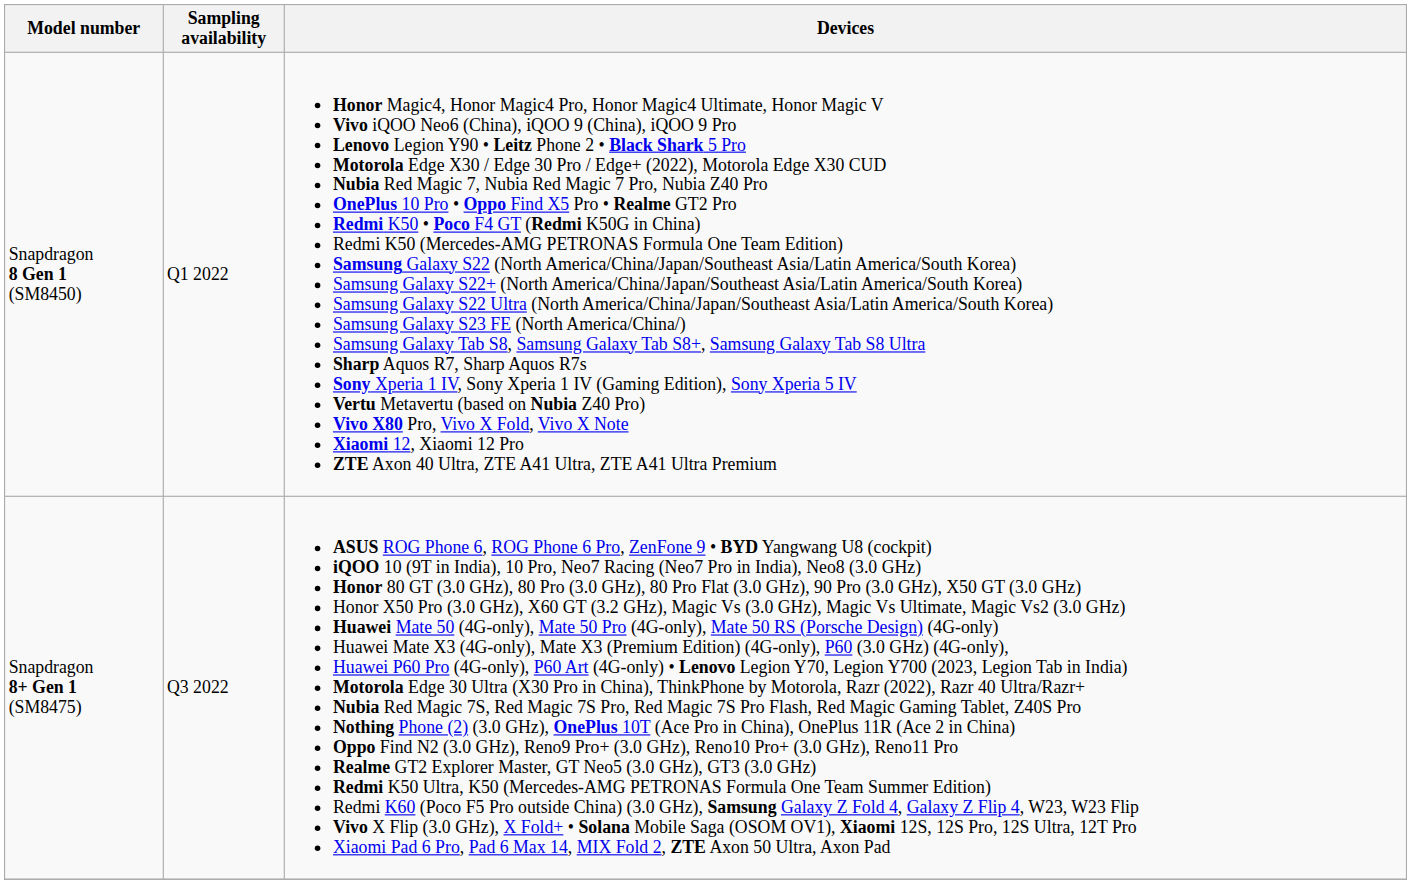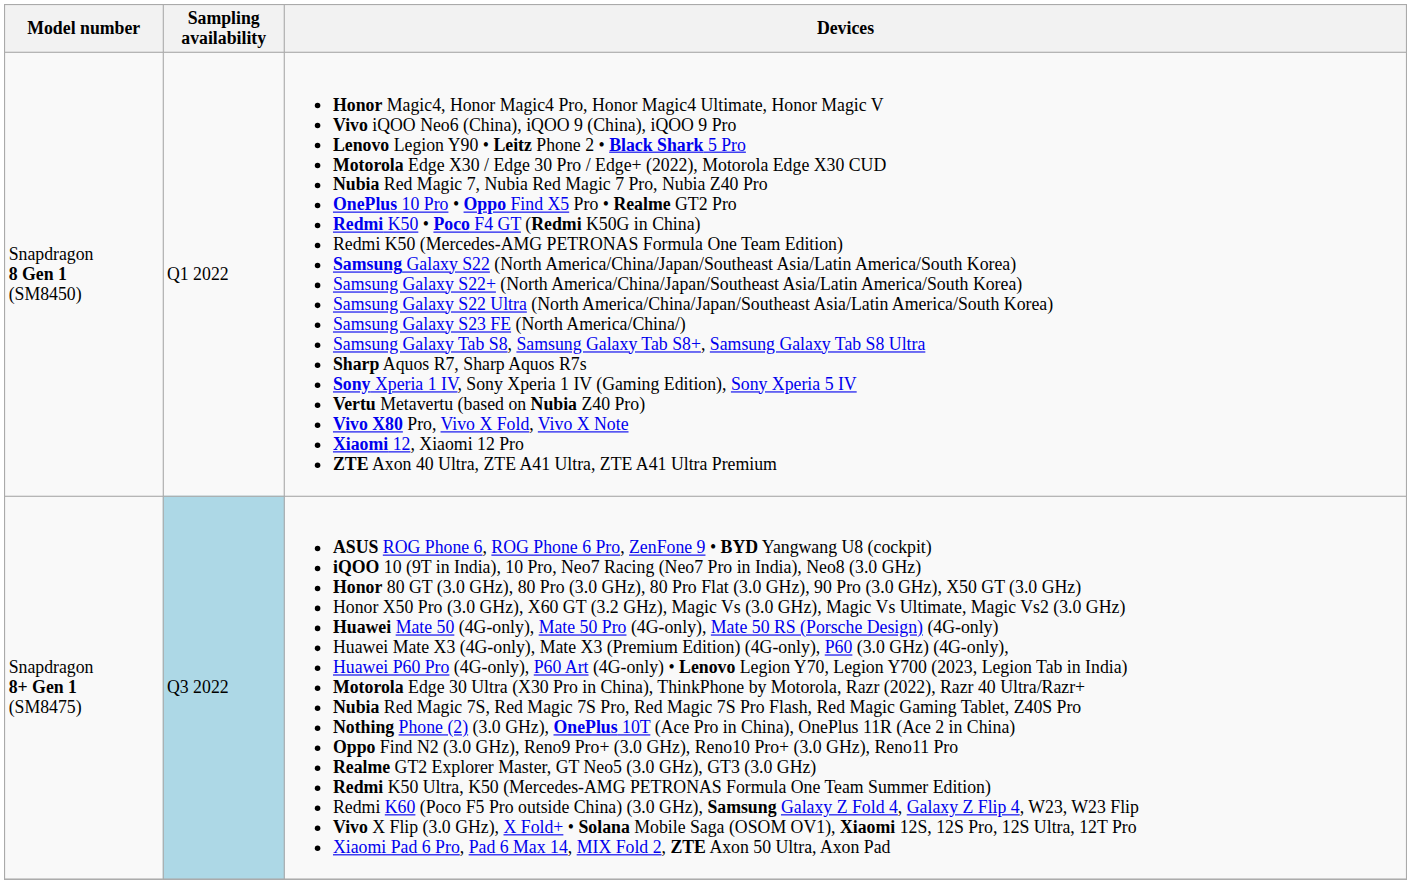 <table class="wikitable" style="width:100%">
 <tr>
 <th>Model number</th>
 <th>Sampling<br>availability</th>
 <th>Devices</th>
 </tr>
 <tr>
 <td>Snapdragon<br><b>8 Gen 1</b><br>(SM8450)</td>
 <td>Q1 2022</td>
 <td><br><ul><li><strong>Honor</strong> Magic4, Honor Magic4 Pro, Honor Magic4 Ultimate, Honor Magic V</li><li><strong>Vivo</strong> iQOO Neo6 (China), iQOO 9 (China), iQOO 9 Pro</li><li><strong>Lenovo</strong> Legion Y90 • <strong>Leitz</strong> Phone 2 • <a href='#'><strong>Black Shark</strong> 5 Pro</a></li><li><strong>Motorola</strong> Edge X30 / Edge 30 Pro / Edge+ (2022), Motorola Edge X30 CUD</li><li><strong>Nubia</strong> Red Magic 7, Nubia Red Magic 7 Pro, Nubia Z40 Pro</li><li><a href='#'><strong>OnePlus</strong> 10 Pro</a> • <a href='#'><strong>Oppo</strong> Find X5</a> Pro • <strong>Realme</strong> GT2 Pro</li><li><a href='#'><strong>Redmi</strong> K50</a> • <a href='#'><strong>Poco</strong> F4 GT</a> (<strong>Redmi</strong> K50G in China)</li><li>Redmi K50 (Mercedes-AMG PETRONAS Formula One Team Edition)</li><li><a href='#'><strong>Samsung</strong> Galaxy S22</a> (North America/China/Japan/Southeast Asia/Latin America/South Korea)</li><li><a href='#'>Samsung Galaxy S22+</a> (North America/China/Japan/Southeast Asia/Latin America/South Korea)</li><li><a href='#'>Samsung Galaxy S22 Ultra</a> (North America/China/Japan/Southeast Asia/Latin America/South Korea)</li><li><a href='#'>Samsung Galaxy S23 FE</a> (North America/China/)</li><li><a href='#'>Samsung Galaxy Tab S8</a>, <a href='#'>Samsung Galaxy Tab S8+</a>, <a href='#'>Samsung Galaxy Tab S8 Ultra</a></li><li><strong>Sharp</strong> Aquos R7, Sharp Aquos R7s</li><li><a href='#'><strong>Sony</strong> Xperia 1 IV</a>, Sony Xperia 1 IV (Gaming Edition), <a href='#'>Sony Xperia 5 IV</a></li><li><strong>Vertu</strong> Metavertu (based on <strong>Nubia</strong> Z40 Pro)</li><li><strong><a href='#'>Vivo X80</a></strong> Pro, <a href='#'>Vivo X Fold</a>, <a href='#'>Vivo X Note</a></li><li><a href='#'><strong>Xiaomi</strong> 12</a>, Xiaomi 12 Pro</li><li><strong>ZTE</strong> Axon 40 Ultra, ZTE A41 Ultra, ZTE A41 Ultra Premium</li></ul></td>
 </tr>
 <tr>
 <td>Snapdragon<br><b>8+ Gen 1</b><br>(SM8475)</td>
-<td>Q3 2022</td>
+<td style="background: lightblue;">Q3 2022</td>
 <td><br><ul><li><strong>ASUS</strong> <a href='#'>ROG Phone 6</a>, <a href='#'>ROG Phone 6 Pro</a>, <a href='#'>ZenFone 9</a> • <strong>BYD</strong> Yangwang U8 (cockpit)</li><li><strong>iQOO</strong> 10 (9T in India), 10 Pro, Neo7 Racing (Neo7 Pro in India), Neo8 (3.0 GHz)</li><li><strong>Honor</strong> 80 GT (3.0 GHz), 80 Pro (3.0 GHz), 80 Pro Flat (3.0 GHz), 90 Pro (3.0 GHz), X50 GT (3.0 GHz)</li><li>Honor X50 Pro (3.0 GHz), X60 GT (3.2 GHz), Magic Vs (3.0 GHz), Magic Vs Ultimate, Magic Vs2 (3.0 GHz)</li><li><strong>Huawei</strong> <a href='#'>Mate 50</a> (4G-only), <a href='#'>Mate 50 Pro</a> (4G-only), <a href='#'>Mate 50 RS (Porsche Design)</a> (4G-only)</li><li>Huawei Mate X3 (4G-only), Mate X3 (Premium Edition) (4G-only), <a href='#'>P60</a> (3.0 GHz) (4G-only),</li><li><a href='#'>Huawei P60 Pro</a> (4G-only), <a href='#'>P60 Art</a> (4G-only) • <strong>Lenovo</strong> Legion Y70, Legion Y700 (2023, Legion Tab in India)</li><li><strong>Motorola</strong> Edge 30 Ultra (X30 Pro in China), ThinkPhone by Motorola, Razr (2022), Razr 40 Ultra/Razr+</li><li><strong>Nubia</strong> Red Magic 7S, Red Magic 7S Pro, Red Magic 7S Pro Flash, Red Magic Gaming Tablet, Z40S Pro</li><li><strong>Nothing</strong> <a href='#'>Phone (2)</a> (3.0 GHz), <a href='#'><strong>OnePlus</strong> 10T</a> (Ace Pro in China), OnePlus 11R (Ace 2 in China)</li><li><strong>Oppo</strong> Find N2 (3.0 GHz), Reno9 Pro+ (3.0 GHz), Reno10 Pro+ (3.0 GHz), Reno11 Pro</li><li><strong>Realme</strong> GT2 Explorer Master, GT Neo5 (3.0 GHz), GT3 (3.0 GHz)</li><li><strong>Redmi</strong> K50 Ultra, K50 (Mercedes-AMG PETRONAS Formula One Team Summer Edition)</li><li>Redmi <a href='#'>K60</a> (Poco F5 Pro outside China) (3.0 GHz), <strong>Samsung</strong> <a href='#'>Galaxy Z Fold 4</a>, <a href='#'>Galaxy Z Flip 4</a>, W23, W23 Flip</li><li><strong>Vivo</strong> X Flip (3.0 GHz), <a href='#'>X Fold+</a> • <strong>Solana</strong> Mobile Saga (OSOM OV1), <strong>Xiaomi</strong> 12S, 12S Pro, 12S Ultra, 12T Pro</li><li><a href='#'>Xiaomi Pad 6 Pro</a>, <a href='#'>Pad 6 Max 14</a>, <a href='#'>MIX Fold 2</a>, <strong>ZTE</strong> Axon 50 Ultra, Axon Pad</li></ul></td>
 </tr>
 <tr>
 </tr>
 </table>
